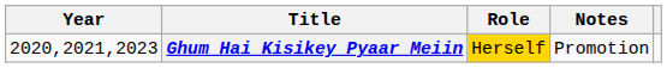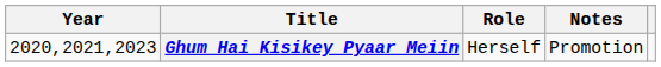 <table class="wikitable sortable plainrowheaders">
 <tr style="background:#ccc; text-align:center;">
 <th scope="col">Year</th>
 <th scope="col">Title</th>
 <th scope="col">Role</th>
 <th scope="col" class="unsortable">Notes</th>
 <th scope="col" class="unsortable"></th>
 </tr>
 <tr>
 <td>2020,2021,2023</td>
 <th scope="row"><em><a href='#'>Ghum Hai Kisikey Pyaar Meiin</a></em></th>
-<td style="background: gold; text-align: center;">Herself</td>
+<td style="text-align: center;">Herself</td>
 <td>Promotion</td>
 </tr>
 </table>
